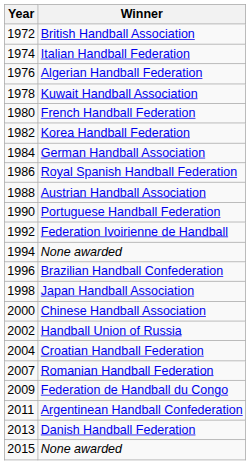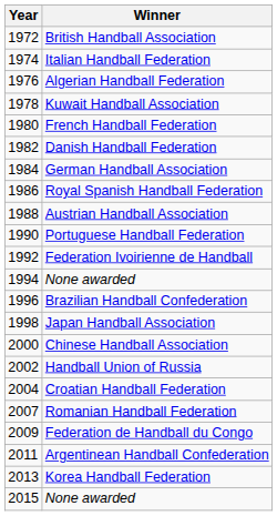 <table class="wikitable">
 <tr>
 <th>Year</th>
 <th>Winner</th>
 </tr>
 <tr>
 <td>1972</td>
 <td> <a href='#'>British Handball Association</a></td>
 </tr>
 <tr>
 <td>1974</td>
 <td> <a href='#'>Italian Handball Federation</a></td>
 </tr>
 <tr>
 <td>1976</td>
 <td> <a href='#'>Algerian Handball Federation</a></td>
 </tr>
 <tr>
 <td>1978</td>
 <td> <a href='#'>Kuwait Handball Association</a></td>
 </tr>
 <tr>
 <td>1980</td>
 <td> <a href='#'>French Handball Federation</a></td>
 </tr>
 <tr>
 <td>1982</td>
-<td> <a href='#'>Korea Handball Federation</a></td>
+<td> <a href='#'>Danish Handball Federation</a></td>
 </tr>
 <tr>
 <td>1984</td>
 <td> <a href='#'>German Handball Association</a></td>
 </tr>
 <tr>
 <td>1986</td>
 <td> <a href='#'>Royal Spanish Handball Federation</a></td>
 </tr>
 <tr>
 <td>1988</td>
 <td> <a href='#'>Austrian Handball Association</a></td>
 </tr>
 <tr>
 <td>1990</td>
 <td> <a href='#'>Portuguese Handball Federation</a></td>
 </tr>
 <tr>
 <td>1992</td>
 <td> <a href='#'>Federation Ivoirienne de Handball</a></td>
 </tr>
 <tr>
 <td>1994</td>
 <td><em>None awarded</em></td>
 </tr>
 <tr>
 <td>1996</td>
 <td> <a href='#'>Brazilian Handball Confederation</a></td>
 </tr>
 <tr>
 <td>1998</td>
 <td> <a href='#'>Japan Handball Association</a></td>
 </tr>
 <tr>
 <td>2000</td>
 <td> <a href='#'>Chinese Handball Association</a></td>
 </tr>
 <tr>
 <td>2002</td>
 <td> <a href='#'>Handball Union of Russia</a></td>
 </tr>
 <tr>
 <td>2004</td>
 <td> <a href='#'>Croatian Handball Federation</a></td>
 </tr>
 <tr>
 <td>2007</td>
 <td> <a href='#'>Romanian Handball Federation</a></td>
 </tr>
 <tr>
 <td>2009</td>
 <td> <a href='#'>Federation de Handball du Congo</a></td>
 </tr>
 <tr>
 <td>2011</td>
 <td> <a href='#'>Argentinean Handball Confederation</a></td>
 </tr>
 <tr>
 <td>2013</td>
-<td> <a href='#'>Danish Handball Federation</a></td>
+<td> <a href='#'>Korea Handball Federation</a></td>
 </tr>
 <tr>
 <td>2015</td>
 <td><em>None awarded</em></td>
 </tr>
 </table>
